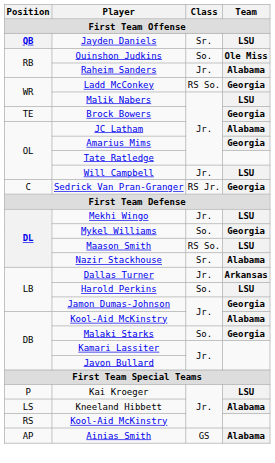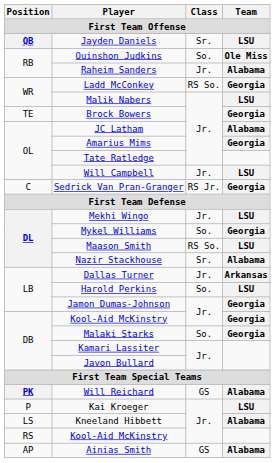 <table class="wikitable">
 <tr>
 <th>Position</th>
 <th>Player</th>
 <th>Class</th>
 <th>Team</th>
 </tr>
 <tr>
 <td colspan="4" style="text-align:center; background:#ddd;"><strong>First Team Offense</strong></td>
 </tr>
 <tr style="text-align:center;">
 <th rowspan="1"><a href='#'>QB</a></th>
 <td><a href='#'>Jayden Daniels</a></td>
 <td>Sr.</td>
 <th>LSU</th>
 </tr>
 <tr style="text-align:center;">
 <td rowspan=2>RB</td>
 <td><a href='#'>Quinshon Judkins</a></td>
 <td>So.</td>
 <th>Ole Miss</th>
 </tr>
 <tr style="text-align:center;">
 <td><a href='#'>Raheim Sanders</a></td>
 <td>Jr.</td>
 <th>Alabama</th>
 </tr>
 <tr style="text-align:center;">
 <td rowspan=2>WR</td>
 <td><a href='#'>Ladd McConkey</a></td>
 <td>RS So.</td>
 <th>Georgia</th>
 </tr>
 <tr style="text-align:center;">
 <td><a href='#'>Malik Nabers</a></td>
 <td rowspan=5>Jr.</td>
 <th>LSU</th>
 </tr>
 <tr style="text-align:center;">
 <td>TE</td>
 <td><a href='#'>Brock Bowers</a></td>
 <th>Georgia</th>
 </tr>
 <tr style="text-align:center;">
 <td rowspan=4>OL</td>
 <td><a href='#'>JC Latham</a></td>
 <th>Alabama</th>
 </tr>
 <tr style="text-align:center;">
 <td><a href='#'>Amarius Mims</a></td>
 <th>Georgia</th>
 </tr>
 <tr style="text-align:center;">
 <td><a href='#'>Tate Ratledge</a></td>
 </tr>
 <tr style="text-align:center;">
 <td><a href='#'>Will Campbell</a></td>
 <td>Jr.</td>
 <th>LSU</th>
 </tr>
 <tr style="text-align:center;">
 <td>C</td>
 <td><a href='#'>Sedrick Van Pran-Granger</a></td>
 <td>RS Jr.</td>
 <th>Georgia</th>
 </tr>
 <tr style="text-align:center;">
 <td colspan="4" style="text-align:center; background:#ddd;"><strong>First Team Defense</strong></td>
 </tr>
 <tr style="text-align:center;">
 <th rowspan="4"><a href='#'>DL</a></th>
 <td><a href='#'>Mekhi Wingo</a></td>
 <td>Jr.</td>
 <th>LSU</th>
 </tr>
 <tr style="text-align:center;">
 <td><a href='#'>Mykel Williams</a></td>
 <td>So.</td>
 <th>Georgia</th>
 </tr>
 <tr style="text-align:center;">
 <td><a href='#'>Maason Smith</a></td>
 <td>RS So.</td>
 <th>LSU</th>
 </tr>
 <tr style="text-align:center;">
 <td><a href='#'>Nazir Stackhouse</a></td>
 <td>Sr.</td>
 <th>Alabama</th>
 </tr>
 <tr style="text-align:center;">
 <td rowspan=3>LB</td>
 <td><a href='#'>Dallas Turner</a></td>
 <td>Jr.</td>
 <th>Arkansas</th>
 </tr>
 <tr style="text-align:center;">
 <td><a href='#'>Harold Perkins</a></td>
 <td>So.</td>
 <th>LSU</th>
 </tr>
 <tr style="text-align:center;">
 <td><a href='#'>Jamon Dumas-Johnson</a></td>
 <td rowspan=2>Jr.</td>
 <th>Georgia</th>
 </tr>
 <tr style="text-align:center;">
 <td rowspan=4>DB</td>
 <td><a href='#'>Kool-Aid McKinstry</a></td>
-<th>Alabama</th>
+<th>Georgia</th>
 </tr>
 <tr style="text-align:center;">
 <td><a href='#'>Malaki Starks</a></td>
 <td>So.</td>
 <th>Georgia</th>
 </tr>
 <tr style="text-align:center;">
 <td><a href='#'>Kamari Lassiter</a></td>
 <td rowspan=2>Jr.</td>
 </tr>
 <tr style="text-align:center;">
 <td><a href='#'>Javon Bullard</a></td>
 </tr>
 <tr>
 <td colspan="4" style="text-align:center; background:#ddd;"><strong>First Team Special Teams</strong></td>
+</tr>
+<tr style="text-align:center;">
+<th rowspan="1"><a href='#'>PK</a></th>
+<td><a href='#'>Will Reichard</a></td>
+<td>GS</td>
+<th>Alabama</th>
 </tr>
 <tr style="text-align:center;">
 <td>P</td>
 <td>Kai Kroeger</td>
 <td rowspan=3>Jr.</td>
 <th>LSU</th>
 </tr>
 <tr style="text-align:center;">
 <td>LS</td>
 <td>Kneeland Hibbett</td>
 <th>Alabama</th>
 </tr>
 <tr style="text-align:center;">
 <td>RS</td>
 <td><a href='#'>Kool-Aid McKinstry</a></td>
 </tr>
 <tr style="text-align:center;">
 <td>AP</td>
 <td><a href='#'>Ainias Smith</a></td>
 <td>GS</td>
 <th>Alabama</th>
 </tr>
 </table>
